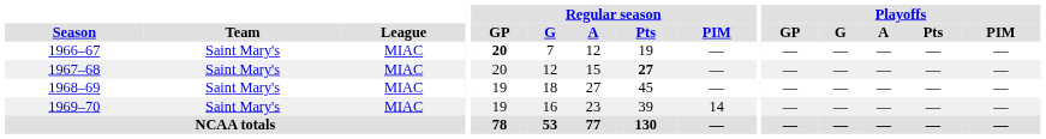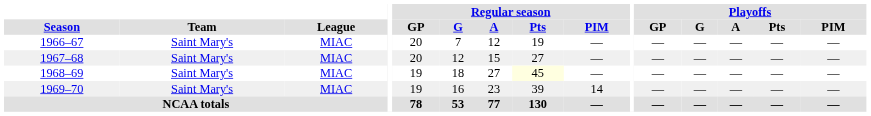 <table border="0" cellpadding="1" cellspacing="0" style="text-align:center; width:70em">
 <tr bgcolor="#e0e0e0">
 <th colspan="3" bgcolor="#ffffff"></th>
 <th rowspan="99" bgcolor="#ffffff"></th>
 <th colspan="5"><a href='#'>Regular season</a></th>
 <th rowspan="99" bgcolor="#ffffff"></th>
 <th colspan="5"><a href='#'>Playoffs</a></th>
 </tr>
 <tr bgcolor="#e0e0e0">
 <th><a href='#'>Season</a></th>
 <th>Team</th>
 <th>League</th>
 <th>GP</th>
 <th><a href='#'>G</a></th>
 <th><a href='#'>A</a></th>
 <th><a href='#'>Pts</a></th>
 <th><a href='#'>PIM</a></th>
 <th>GP</th>
 <th>G</th>
 <th>A</th>
 <th>Pts</th>
 <th>PIM</th>
 </tr>
 <tr>
 <td><a href='#'>1966–67</a></td>
 <td><a href='#'>Saint Mary's</a></td>
 <td><a href='#'>MIAC</a></td>
-<td><strong>20</strong></td>
+<td>20</td>
 <td>7</td>
 <td>12</td>
 <td>19</td>
 <td>—</td>
 <td>—</td>
 <td>—</td>
 <td>—</td>
 <td>—</td>
 <td>—</td>
 </tr>
 <tr bgcolor="f0f0f0">
 <td><a href='#'>1967–68</a></td>
 <td><a href='#'>Saint Mary's</a></td>
 <td><a href='#'>MIAC</a></td>
 <td>20</td>
 <td>12</td>
 <td>15</td>
-<td><strong>27</strong></td>
+<td>27</td>
 <td>—</td>
 <td>—</td>
 <td>—</td>
 <td>—</td>
 <td>—</td>
 <td>—</td>
 </tr>
 <tr>
 <td><a href='#'>1968–69</a></td>
 <td><a href='#'>Saint Mary's</a></td>
 <td><a href='#'>MIAC</a></td>
 <td>19</td>
 <td>18</td>
 <td>27</td>
-<td>45</td>
+<td style="background: lightyellow;">45</td>
 <td>—</td>
 <td>—</td>
 <td>—</td>
 <td>—</td>
 <td>—</td>
 <td>—</td>
 </tr>
 <tr bgcolor="f0f0f0">
 <td><a href='#'>1969–70</a></td>
 <td><a href='#'>Saint Mary's</a></td>
 <td><a href='#'>MIAC</a></td>
 <td>19</td>
 <td>16</td>
 <td>23</td>
 <td>39</td>
 <td>14</td>
 <td>—</td>
 <td>—</td>
 <td>—</td>
 <td>—</td>
 <td>—</td>
 </tr>
 <tr bgcolor="#e0e0e0">
 <th colspan="3">NCAA totals</th>
 <th>78</th>
 <th>53</th>
 <th>77</th>
 <th>130</th>
 <th>—</th>
 <th>—</th>
 <th>—</th>
 <th>—</th>
 <th>—</th>
 <th>—</th>
 </tr>
 </table>
